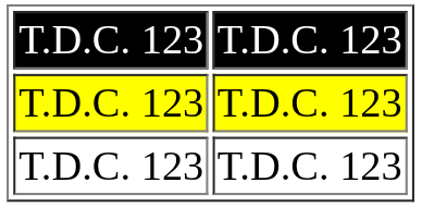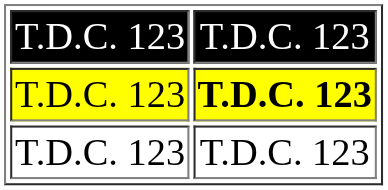 <table border="1" style="margin:1em auto;">
 <tr size="40"  style="text-align:center; color:white; font-size:14pt; background:black;">
 <td>T.D.C. 123</td>
 <td>T.D.C. 123</td>
 </tr>
 <tr style="text-align:center; color:black; font-size:14pt; background:yellow;">
 <td>T.D.C. 123</td>
-<td>T.D.C. 123</td>
+<td><strong>T.D.C. 123</strong></td>
 </tr>
 <tr style="text-align:center; color:black; font-size:14pt; background:white;">
 <td>T.D.C. 123</td>
 <td>T.D.C. 123</td>
 </tr>
 </table>
